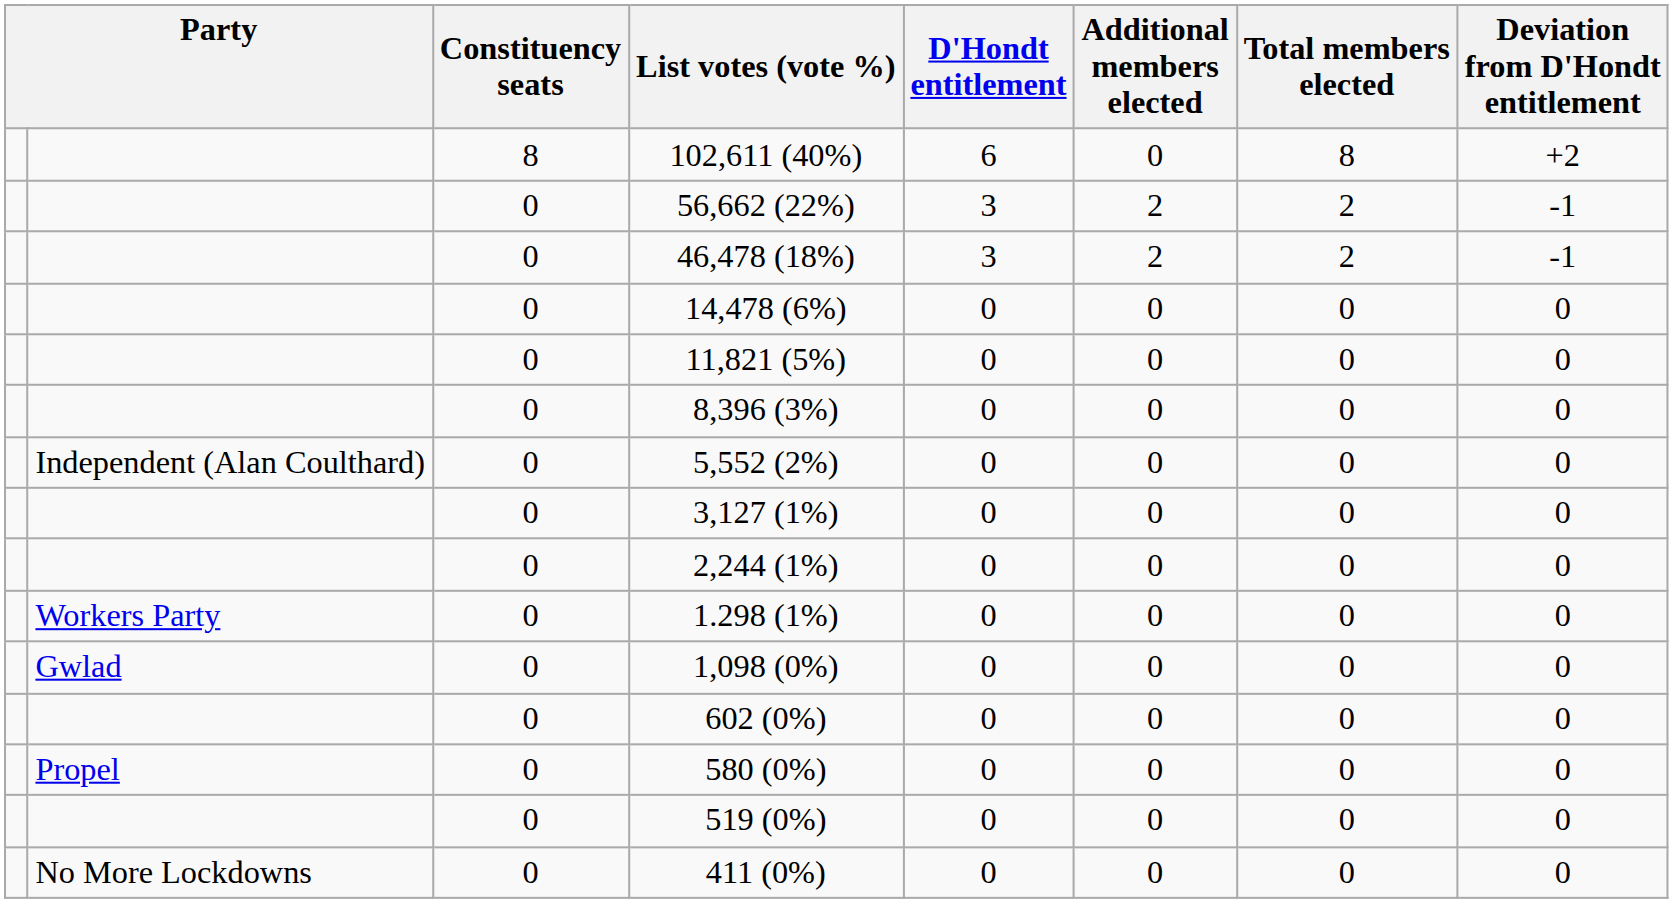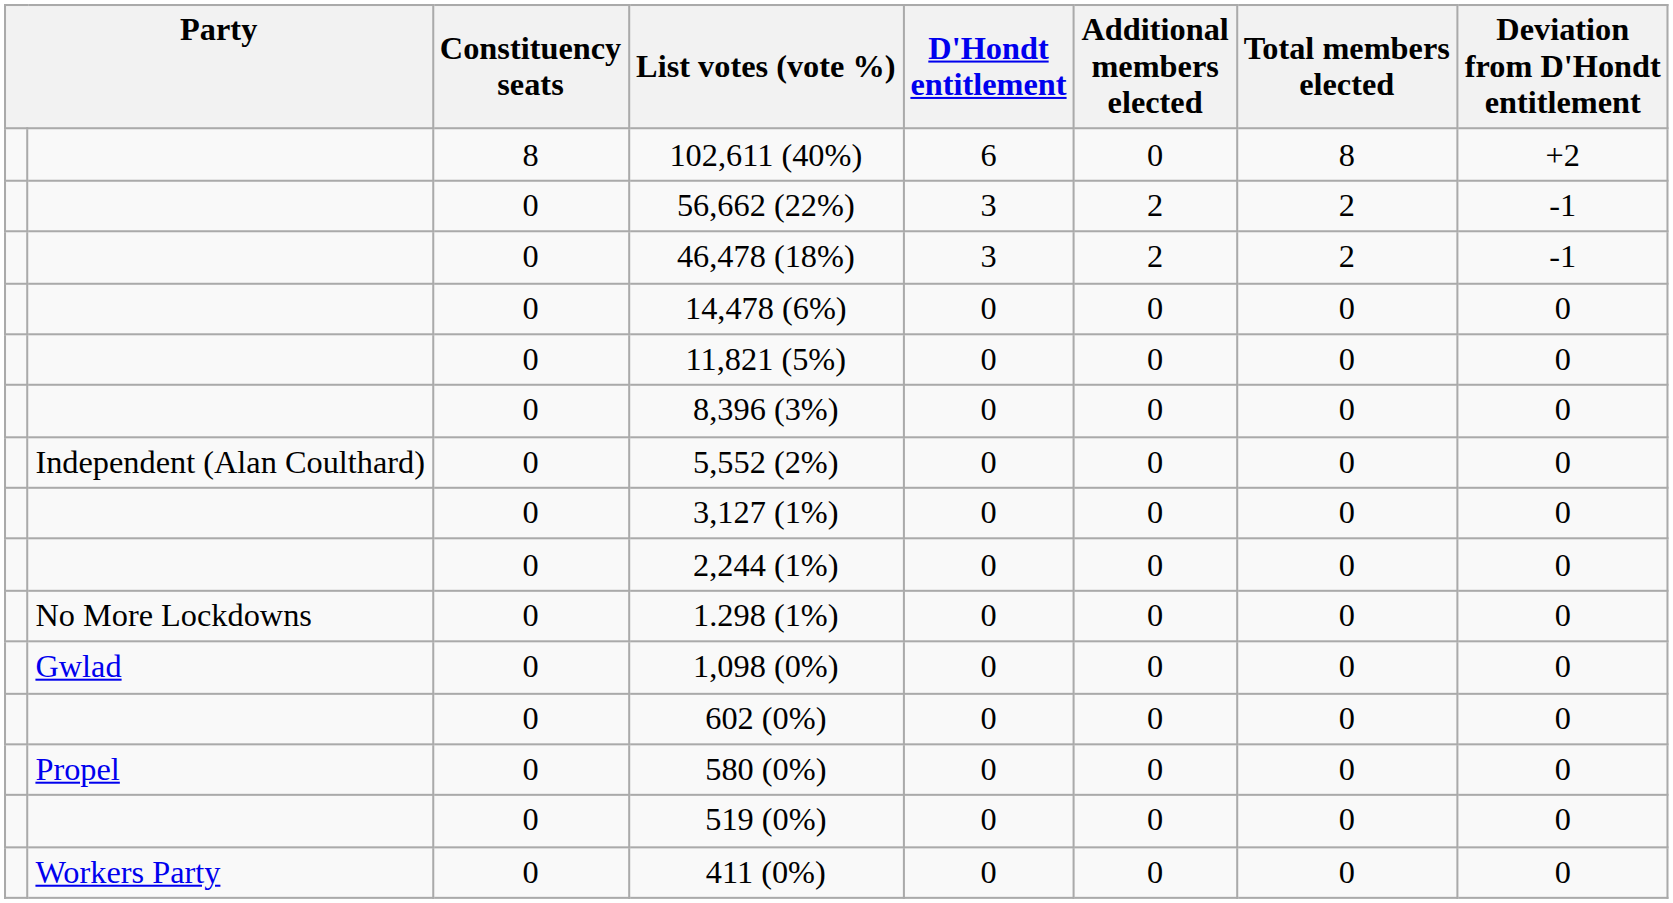 <table class="wikitable" style="text-align:center">
 <tr>
 <th colspan="2"  style="text-align:center; vertical-align:top;">Party</th>
 <th>Constituency<br>seats</th>
 <th>List votes (vote %)</th>
 <th><a href='#'>D'Hondt<br>entitlement</a></th>
 <th>Additional<br>members<br>elected</th>
 <th>Total members<br>elected</th>
 <th>Deviation<br>from D'Hondt<br>entitlement</th>
 </tr>
 <tr>
 <td style="width: 4px"></td>
 <td style="text-align: left;" scope="row"><a href='#'></a></td>
 <td>8</td>
 <td>102,611 (40%)</td>
 <td>6</td>
 <td>0</td>
 <td>8</td>
 <td>+2</td>
 </tr>
 <tr>
 <td style="width: 4px"></td>
 <td style="text-align: left;" scope="row"><a href='#'></a></td>
 <td>0</td>
 <td>56,662 (22%)</td>
 <td>3</td>
 <td>2</td>
 <td>2</td>
 <td>-1</td>
 </tr>
 <tr>
 <td style="width: 4px"></td>
 <td style="text-align: left;" scope="row"><a href='#'></a></td>
 <td>0</td>
 <td>46,478 (18%)</td>
 <td>3</td>
 <td>2</td>
 <td>2</td>
 <td>-1</td>
 </tr>
 <tr>
 <td style="width: 4px"></td>
 <td style="text-align: left;" scope="row"><a href='#'></a></td>
 <td>0</td>
 <td>14,478 (6%)</td>
 <td>0</td>
 <td>0</td>
 <td>0</td>
 <td>0</td>
 </tr>
 <tr>
 <td style="width: 4px"></td>
 <td style="text-align: left;" scope="row"><a href='#'></a></td>
 <td>0</td>
 <td>11,821 (5%)</td>
 <td>0</td>
 <td>0</td>
 <td>0</td>
 <td>0</td>
 </tr>
 <tr>
 <td style="width: 4px"></td>
 <td style="text-align: left;" scope="row"><a href='#'></a></td>
 <td>0</td>
 <td>8,396 (3%)</td>
 <td>0</td>
 <td>0</td>
 <td>0</td>
 <td>0</td>
 </tr>
 <tr>
 <td style="width: 4px"></td>
 <td style="text-align: left;" scope="row">Independent (Alan Coulthard)</td>
 <td>0</td>
 <td>5,552 (2%)</td>
 <td>0</td>
 <td>0</td>
 <td>0</td>
 <td>0</td>
 </tr>
 <tr>
 <td style="width: 4px"></td>
 <td style="text-align: left;" scope="row"><a href='#'></a></td>
 <td>0</td>
 <td>3,127 (1%)</td>
 <td>0</td>
 <td>0</td>
 <td>0</td>
 <td>0</td>
 </tr>
 <tr>
 <td style="width: 4px"></td>
 <td style="text-align: left;" scope="row"><a href='#'></a></td>
 <td>0</td>
 <td>2,244 (1%)</td>
 <td>0</td>
 <td>0</td>
 <td>0</td>
 <td>0</td>
 </tr>
 <tr>
 <td style="width: 4px"></td>
-<td style="text-align: left;" scope="row"><a href='#'>Workers Party</a></td>
+<td style="text-align: left;" scope="row">No More Lockdowns</td>
 <td>0</td>
 <td>1.298 (1%)</td>
 <td>0</td>
 <td>0</td>
 <td>0</td>
 <td>0</td>
 </tr>
 <tr>
 <td style="width: 4px"></td>
 <td style="text-align: left;" scope="row"><a href='#'>Gwlad</a></td>
 <td>0</td>
 <td>1,098 (0%)</td>
 <td>0</td>
 <td>0</td>
 <td>0</td>
 <td>0</td>
 </tr>
 <tr>
 <td style="width: 4px"></td>
 <td style="text-align: left;" scope="row"><a href='#'></a></td>
 <td>0</td>
 <td>602 (0%)</td>
 <td>0</td>
 <td>0</td>
 <td>0</td>
 <td>0</td>
 </tr>
 <tr>
 <td style="width: 4px" bgcolor=></td>
 <td style="text-align: left;" scope="row"><a href='#'>Propel</a></td>
 <td>0</td>
 <td>580 (0%)</td>
 <td>0</td>
 <td>0</td>
 <td>0</td>
 <td>0</td>
 </tr>
 <tr>
 <td style="width: 4px"></td>
 <td style="text-align: left;" scope="row"><a href='#'></a></td>
 <td>0</td>
 <td>519 (0%)</td>
 <td>0</td>
 <td>0</td>
 <td>0</td>
 <td>0</td>
 </tr>
 <tr>
 <td style="width: 4px"></td>
-<td style="text-align: left;" scope="row">No More Lockdowns</td>
+<td style="text-align: left;" scope="row"><a href='#'>Workers Party</a></td>
 <td>0</td>
 <td>411 (0%)</td>
 <td>0</td>
 <td>0</td>
 <td>0</td>
 <td>0</td>
 </tr>
 </table>
